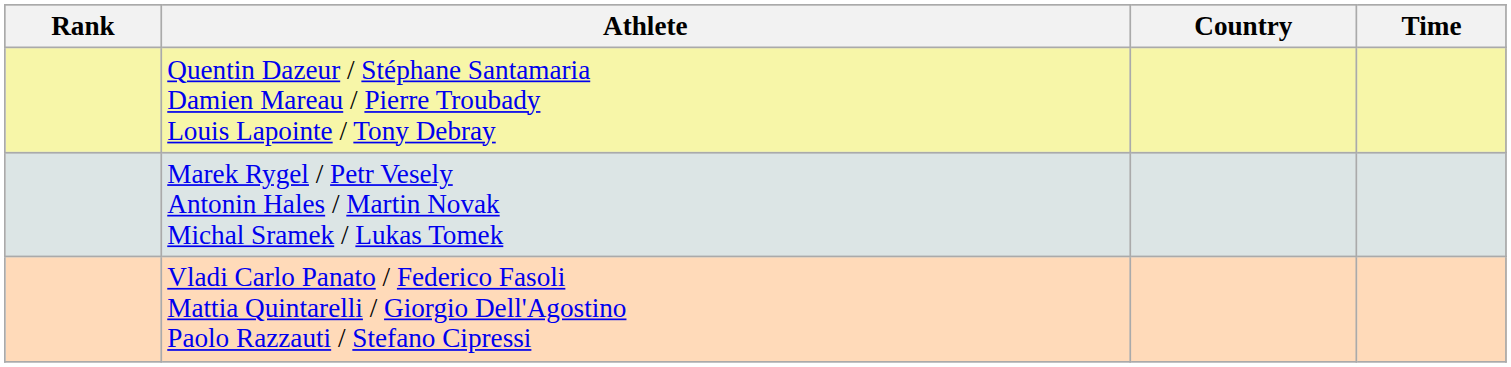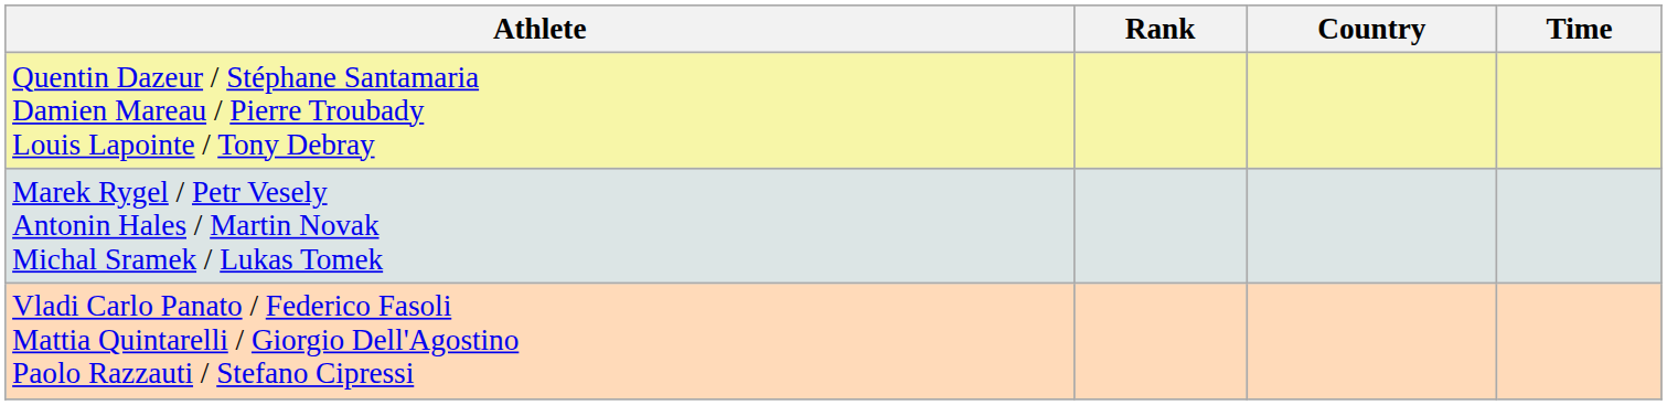 <table class="wikitable" width=100% style="font-size:100%; text-align:left;">
 <tr>
+<th>Athlete</th>
 <th>Rank</th>
-<th>Athlete</th>
 <th>Country</th>
 <th>Time</th>
 </tr>
 <tr bgcolor="#F7F6A8" >
+<td><a href='#'>Quentin Dazeur</a> / <a href='#'>Stéphane Santamaria</a><br><a href='#'>Damien Mareau</a> / <a href='#'>Pierre Troubady</a> <br><a href='#'>Louis Lapointe</a> / <a href='#'>Tony Debray</a></td>
 <td align=center></td>
-<td><a href='#'>Quentin Dazeur</a> / <a href='#'>Stéphane Santamaria</a><br><a href='#'>Damien Mareau</a> / <a href='#'>Pierre Troubady</a> <br><a href='#'>Louis Lapointe</a> / <a href='#'>Tony Debray</a></td>
 <td></td>
 <td align="right"></td>
 </tr>
 <tr bgcolor="#DCE5E5">
+<td><a href='#'>Marek Rygel</a> / <a href='#'>Petr Vesely</a><br><a href='#'>Antonin Hales</a> / <a href='#'>Martin Novak</a><br><a href='#'>Michal Sramek</a> / <a href='#'>Lukas Tomek</a></td>
 <td align=center></td>
-<td><a href='#'>Marek Rygel</a> / <a href='#'>Petr Vesely</a><br><a href='#'>Antonin Hales</a> / <a href='#'>Martin Novak</a><br><a href='#'>Michal Sramek</a> / <a href='#'>Lukas Tomek</a></td>
 <td></td>
 <td align="right"></td>
 </tr>
 <tr bgcolor="#FFDAB9">
+<td><a href='#'>Vladi Carlo Panato</a> / <a href='#'>Federico Fasoli</a><br><a href='#'>Mattia Quintarelli</a> / <a href='#'>Giorgio Dell'Agostino</a><br><a href='#'>Paolo Razzauti</a> / <a href='#'>Stefano Cipressi</a></td>
 <td align=center></td>
-<td><a href='#'>Vladi Carlo Panato</a> / <a href='#'>Federico Fasoli</a><br><a href='#'>Mattia Quintarelli</a> / <a href='#'>Giorgio Dell'Agostino</a><br><a href='#'>Paolo Razzauti</a> / <a href='#'>Stefano Cipressi</a></td>
 <td></td>
 <td align="right"></td>
 </tr>
 </table>
